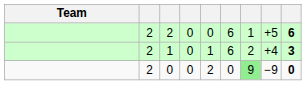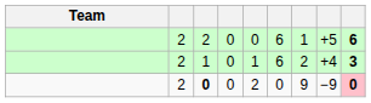 <table class="wikitable" style="text-align:center;">
 <tr>
 <th width="175">Team</th>
 <th width="20"></th>
 <th width="20"></th>
 <th width="20"></th>
 <th width="20"></th>
 <th width="20"></th>
 <th width="20"></th>
 <th width="20"></th>
 <th width="20"></th>
 </tr>
 <tr bgcolor="#ccffcc">
 <td style="text-align:left;"></td>
 <td>2</td>
 <td>2</td>
 <td>0</td>
 <td>0</td>
 <td>6</td>
 <td>1</td>
 <td>+5</td>
 <td><strong>6</strong></td>
 </tr>
 <tr bgcolor="#ccffcc">
 <td style="text-align:left;"></td>
 <td>2</td>
 <td>1</td>
 <td>0</td>
 <td>1</td>
 <td>6</td>
 <td>2</td>
 <td>+4</td>
 <td><strong>3</strong></td>
 </tr>
 <tr>
 <td style="text-align:left;"></td>
 <td>2</td>
-<td>0</td>
+<td><strong>0</strong></td>
 <td>0</td>
 <td>2</td>
 <td>0</td>
-<td style="background: lightgreen;">9</td>
+<td>9</td>
 <td>−9</td>
-<td><strong>0</strong></td>
+<td style="background: pink;"><strong>0</strong></td>
 </tr>
 </table>
